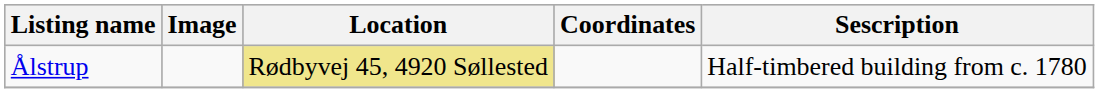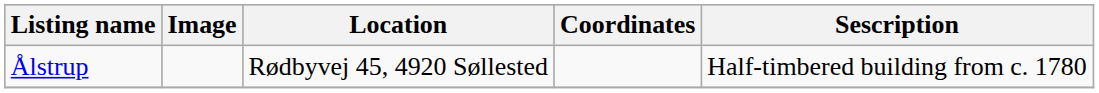 <table class="wikitable sortable">
 <tr>
 <th>Listing name</th>
 <th>Image</th>
 <th>Location</th>
 <th>Coordinates</th>
 <th>Sescription</th>
 </tr>
 <tr>
 <td><a href='#'>Ålstrup</a></td>
 <td></td>
-<td style="background: khaki;">Rødbyvej 45, 4920 Søllested</td>
+<td>Rødbyvej 45, 4920 Søllested</td>
 <td></td>
 <td>Half-timbered building from c. 1780</td>
 </tr>
 <tr>
 </tr>
 </table>
